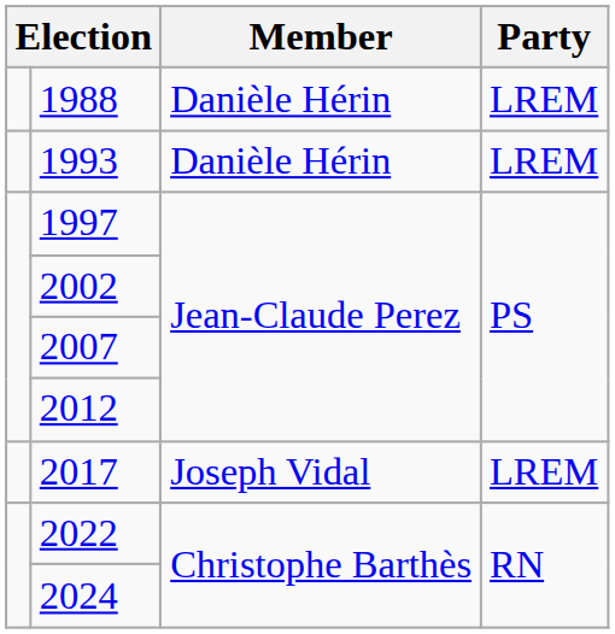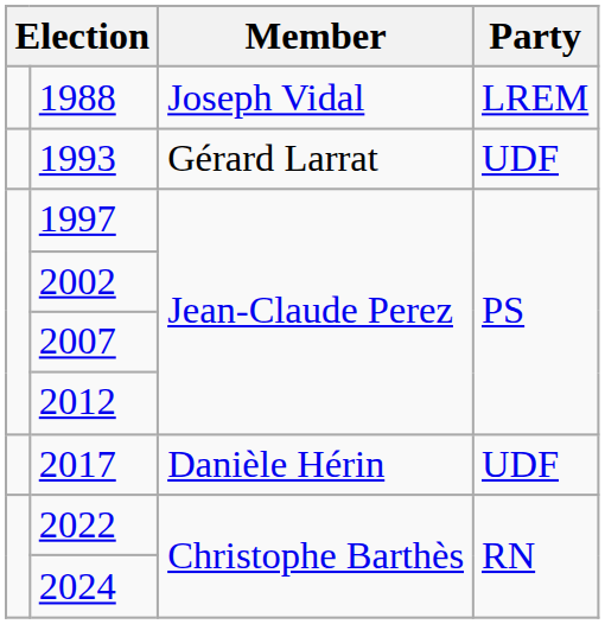 <table class="wikitable">
 <tr>
 <th colspan="2">Election</th>
 <th>Member</th>
 <th>Party</th>
 </tr>
 <tr>
 <td style="color:inherit;background-color: "></td>
 <td><a href='#'>1988</a></td>
-<td><a href='#'>Danièle Hérin</a></td>
+<td><a href='#'>Joseph Vidal</a></td>
 <td><a href='#'>LREM</a></td>
 </tr>
 <tr>
 <td style="color:inherit;background-color: "></td>
 <td><a href='#'>1993</a></td>
-<td><a href='#'>Danièle Hérin</a></td>
-<td><a href='#'>LREM</a></td>
+<td>Gérard Larrat</td>
+<td><a href='#'>UDF</a></td>
 </tr>
 <tr>
 <td rowspan="4" style="background-color: "></td>
 <td><a href='#'>1997</a></td>
 <td rowspan="4"><a href='#'>Jean-Claude Perez</a></td>
 <td rowspan="4"><a href='#'>PS</a></td>
 </tr>
 <tr>
 <td><a href='#'>2002</a></td>
 </tr>
 <tr>
 <td><a href='#'>2007</a></td>
 </tr>
 <tr>
 <td><a href='#'>2012</a></td>
 </tr>
 <tr>
 <td style="color:inherit;background-color: "></td>
 <td><a href='#'>2017</a></td>
-<td><a href='#'>Joseph Vidal</a></td>
-<td><a href='#'>LREM</a></td>
+<td><a href='#'>Danièle Hérin</a></td>
+<td><a href='#'>UDF</a></td>
 </tr>
 <tr>
 <td rowspan="2" style="color:inherit;background-color: "></td>
 <td><a href='#'>2022</a></td>
 <td rowspan="2"><a href='#'>Christophe Barthès</a></td>
 <td rowspan="2"><a href='#'>RN</a></td>
 </tr>
 <tr>
 <td><a href='#'>2024</a></td>
 </tr>
 </table>
